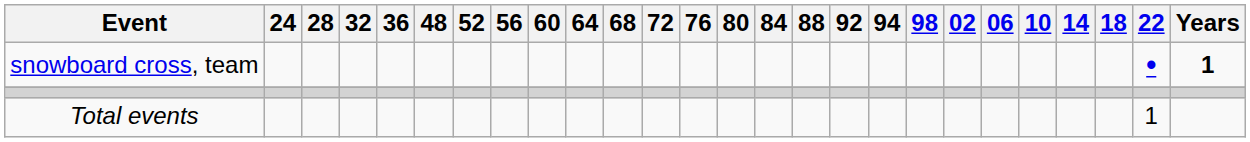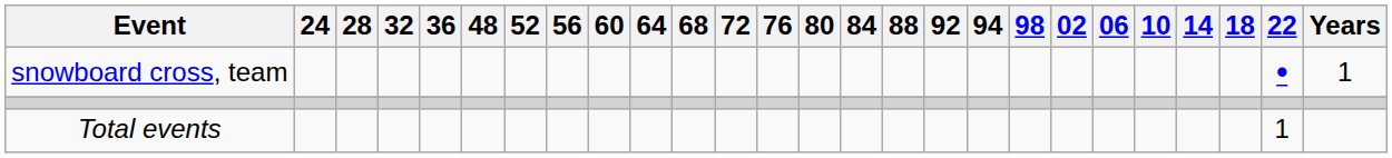 <table class="wikitable" style="text-align:center">
 <tr>
 <th>Event</th>
 <th>24</th>
 <th>28</th>
 <th>32</th>
 <th>36</th>
 <th>48</th>
 <th>52</th>
 <th>56</th>
 <th>60</th>
 <th>64</th>
 <th>68</th>
 <th>72</th>
 <th>76</th>
 <th>80</th>
 <th>84</th>
 <th>88</th>
 <th>92</th>
 <th>94</th>
 <th><a href='#'>98</a></th>
 <th><a href='#'>02</a></th>
 <th><a href='#'>06</a></th>
 <th><a href='#'>10</a></th>
 <th><a href='#'>14</a></th>
 <th><a href='#'>18</a></th>
 <th><a href='#'>22</a></th>
 <th>Years</th>
 </tr>
 <tr>
 <td align=left><a href='#'>snowboard cross</a>, team</td>
 <td></td>
 <td></td>
 <td></td>
 <td></td>
 <td></td>
 <td></td>
 <td></td>
 <td></td>
 <td></td>
 <td></td>
 <td></td>
 <td></td>
 <td></td>
 <td></td>
 <td></td>
 <td></td>
 <td></td>
 <td></td>
 <td></td>
 <td></td>
 <td></td>
 <td></td>
 <td></td>
 <td><big><strong><a href='#'>•</a></strong></big></td>
-<td><strong>1</strong></td>
+<td>1</td>
 </tr>
 <tr>
 </tr>
 <tr bgcolor=lightgray>
 <td></td>
 <td></td>
 <td></td>
 <td></td>
 <td></td>
 <td></td>
 <td></td>
 <td></td>
 <td></td>
 <td></td>
 <td></td>
 <td></td>
 <td></td>
 <td></td>
 <td></td>
 <td></td>
 <td></td>
 <td></td>
 <td></td>
 <td></td>
 <td></td>
 <td></td>
 <td></td>
 <td></td>
 <td></td>
 <td></td>
 </tr>
 <tr align=center>
 <td><em>Total events</em></td>
 <td></td>
 <td></td>
 <td></td>
 <td></td>
 <td></td>
 <td></td>
 <td></td>
 <td></td>
 <td></td>
 <td></td>
 <td></td>
 <td></td>
 <td></td>
 <td></td>
 <td></td>
 <td></td>
 <td></td>
 <td></td>
 <td></td>
 <td></td>
 <td></td>
 <td></td>
 <td></td>
 <td>1</td>
 <td></td>
 </tr>
 </table>
